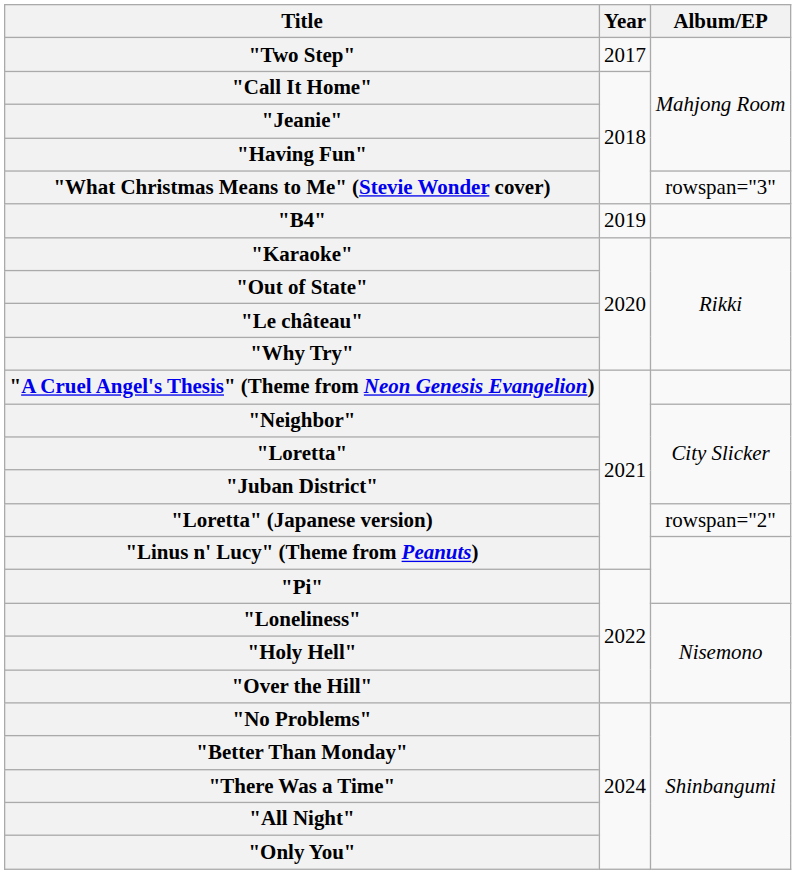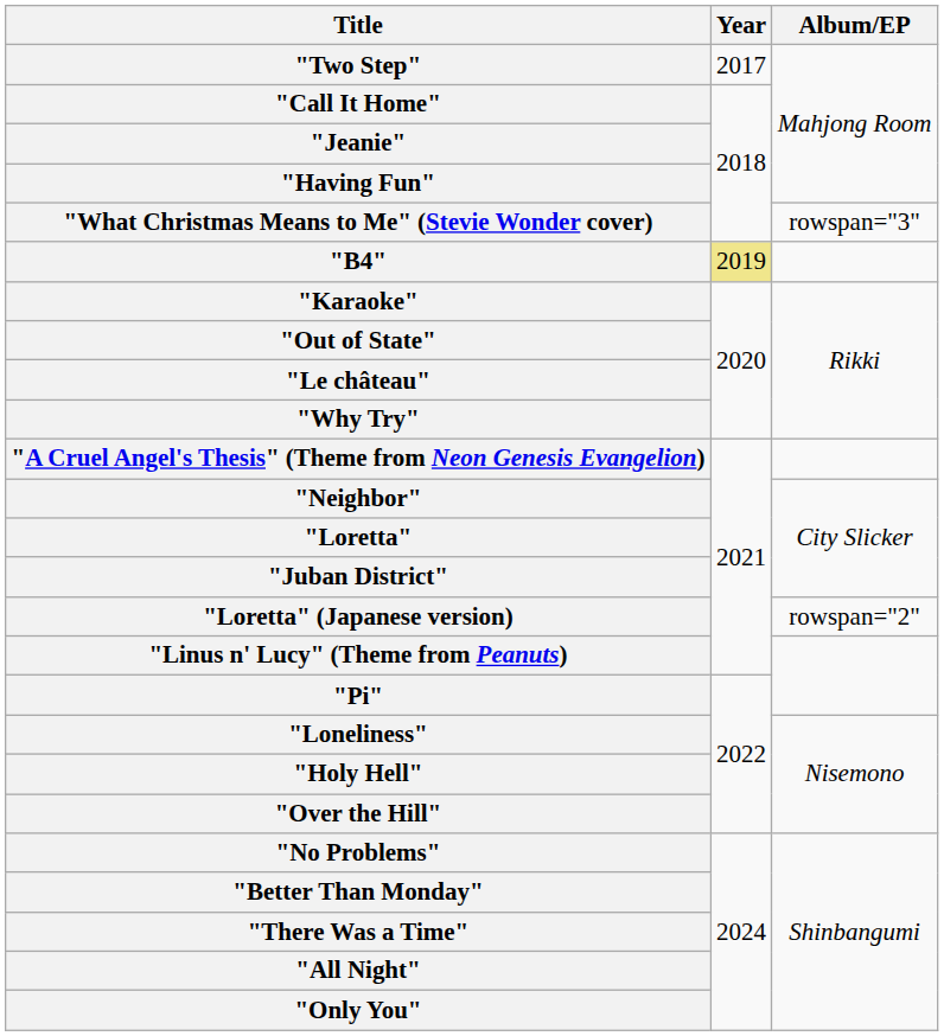 <table class="wikitable plainrowheaders" style="text-align:center;">
 <tr>
 <th scope="col">Title</th>
 <th scope="col">Year</th>
 <th scope="col">Album/EP</th>
 </tr>
 <tr>
 <th scope="row">"Two Step"</th>
 <td>2017</td>
 <td rowspan="4"><em>Mahjong Room</em></td>
 </tr>
 <tr>
 <th scope="row">"Call It Home"</th>
 <td rowspan="4">2018</td>
 </tr>
 <tr>
 <th scope="row">"Jeanie"</th>
 </tr>
 <tr>
 <th scope="row">"Having Fun"</th>
 </tr>
 <tr>
 <th scope="row">"What Christmas Means to Me" (<a href='#'>Stevie Wonder</a> cover)</th>
 <td>rowspan="3" </td>
 </tr>
 <tr>
 <th scope="row">"B4"</th>
-<td>2019</td>
+<td style="background: khaki;">2019</td>
 </tr>
 <tr>
 <th scope="row">"Karaoke"</th>
 <td rowspan="4">2020</td>
 <td rowspan="4"><em>Rikki</em></td>
 </tr>
 <tr>
 <th scope="row">"Out of State"</th>
 </tr>
 <tr>
 <th scope="row">"Le château"</th>
 </tr>
 <tr>
 <th scope="row">"Why Try"</th>
 </tr>
 <tr>
 <th scope="row">"<a href='#'>A Cruel Angel's Thesis</a>" (Theme from <em><a href='#'>Neon Genesis Evangelion</a></em>)</th>
 <td rowspan="6">2021</td>
 <td></td>
 </tr>
 <tr>
 <th scope="row">"Neighbor"</th>
 <td rowspan="3"><em>City Slicker</em></td>
 </tr>
 <tr>
 <th scope="row">"Loretta"</th>
 </tr>
 <tr>
 <th scope="row">"Juban District"</th>
 </tr>
 <tr>
 <th scope="row">"Loretta" (Japanese version)</th>
 <td>rowspan="2" </td>
 </tr>
 <tr>
 <th scope="row">"Linus n' Lucy" (Theme from <em><a href='#'>Peanuts</a></em>)</th>
 </tr>
 <tr>
 <th scope="row">"Pi"</th>
 <td rowspan="4">2022</td>
 </tr>
 <tr>
 <th scope="row">"Loneliness"</th>
 <td rowspan="3"><em>Nisemono</em></td>
 </tr>
 <tr>
 <th scope="row">"Holy Hell"</th>
 </tr>
 <tr>
 <th scope="row">"Over the Hill"</th>
 </tr>
 <tr>
 <th scope="row">"No Problems"</th>
 <td rowspan="5">2024</td>
 <td rowspan="5"><em>Shinbangumi</em></td>
 </tr>
 <tr>
 <th scope="row">"Better Than Monday"</th>
 </tr>
 <tr>
 <th scope="row">"There Was a Time"</th>
 </tr>
 <tr>
 <th scope="row">"All Night"</th>
 </tr>
 <tr>
 <th scope="row">"Only You"</th>
 </tr>
 </table>
